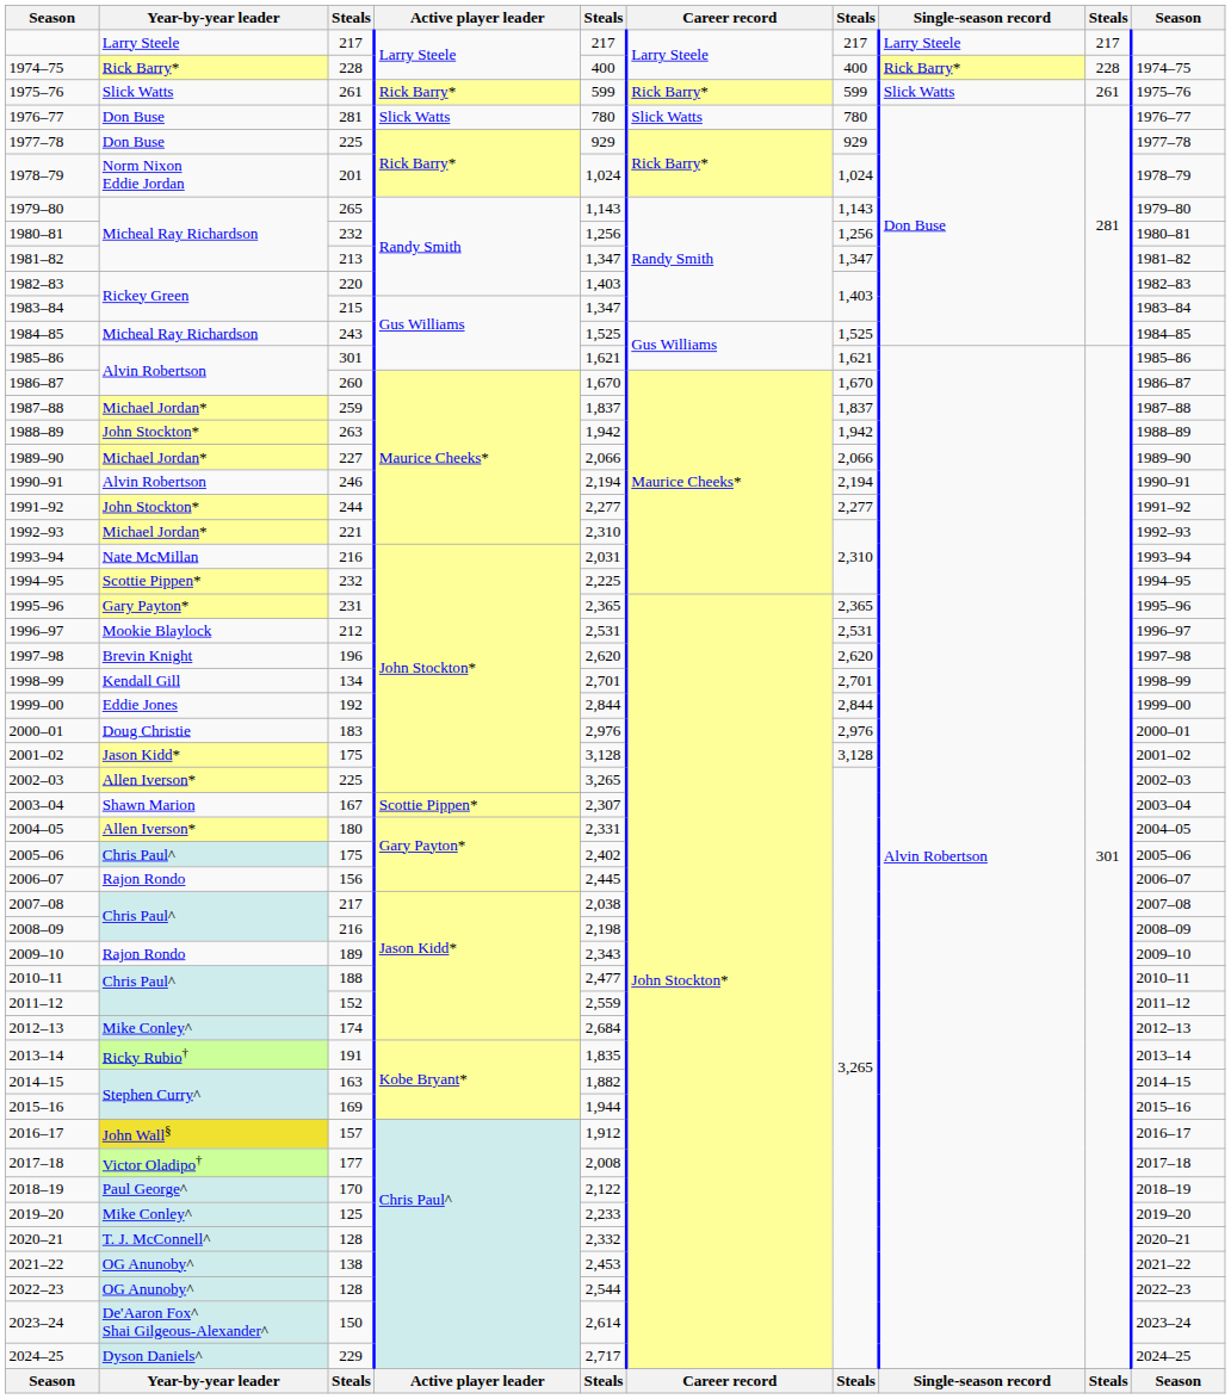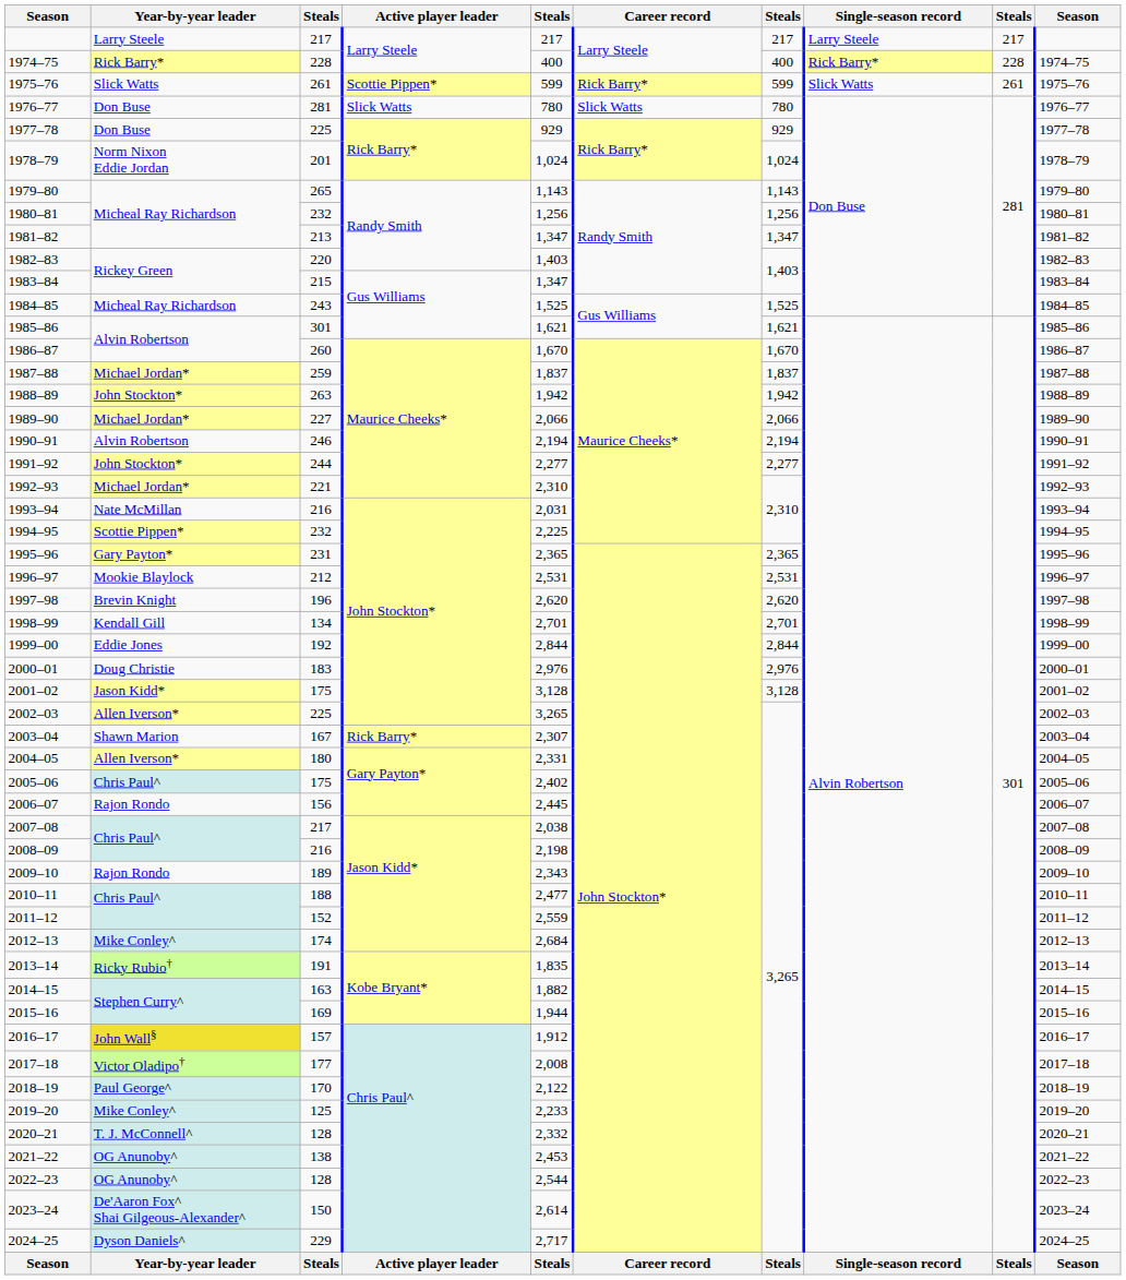 <table class="wikitable" style="font-size: 100%;">
 <tr>
 <th width=8%>Season</th>
 <th width=20%>Year-by-year leader</th>
 <th>Steals</th>
 <th width=18%>Active player leader</th>
 <th>Steals</th>
 <th width=18%>Career record</th>
 <th>Steals</th>
 <th width=18%>Single-season record</th>
 <th>Steals</th>
 <th width=8%>Season</th>
 </tr>
 <tr>
 <td></td>
 <td><a href='#'>Larry Steele</a></td>
 <td align=center style="border-right: solid blue">217</td>
 <td rowspan=2><a href='#'>Larry Steele</a></td>
 <td align=center style="border-right: solid blue">217</td>
 <td rowspan=2><a href='#'>Larry Steele</a></td>
 <td align=center style="border-right: solid blue">217</td>
 <td><a href='#'>Larry Steele</a></td>
 <td align=center style="border-right: solid blue">217</td>
 <td></td>
 </tr>
 <tr>
 <td>1974–75</td>
 <td bgcolor="#FFFF99"><a href='#'>Rick Barry</a>*</td>
 <td align=center style="border-right: solid blue">228</td>
 <td align=center style="border-right: solid blue">400</td>
 <td align=center style="border-right: solid blue">400</td>
 <td bgcolor="#FFFF99"><a href='#'>Rick Barry</a>*</td>
 <td align=center style="border-right: solid blue">228</td>
 <td>1974–75</td>
 </tr>
 <tr>
 <td>1975–76</td>
 <td><a href='#'>Slick Watts</a></td>
 <td align=center style="border-right: solid blue">261</td>
-<td bgcolor="#FFFF99"><a href='#'>Rick Barry</a>*</td>
+<td bgcolor="#FFFF99"><a href='#'>Scottie Pippen</a>*</td>
 <td align=center style="border-right: solid blue">599</td>
 <td bgcolor="#FFFF99"><a href='#'>Rick Barry</a>*</td>
 <td align=center style="border-right: solid blue">599</td>
 <td><a href='#'>Slick Watts</a></td>
 <td align=center style="border-right: solid blue">261</td>
 <td>1975–76</td>
 </tr>
 <tr>
 <td>1976–77</td>
 <td><a href='#'>Don Buse</a></td>
 <td align=center style="border-right: solid blue">281</td>
 <td><a href='#'>Slick Watts</a></td>
 <td align=center style="border-right: solid blue">780</td>
 <td><a href='#'>Slick Watts</a></td>
 <td align=center style="border-right: solid blue">780</td>
 <td rowspan=9><a href='#'>Don Buse</a></td>
 <td align=center style="border-right: solid blue" rowspan=9>281</td>
 <td>1976–77</td>
 </tr>
 <tr>
 <td>1977–78</td>
 <td><a href='#'>Don Buse</a></td>
 <td align=center style="border-right: solid blue">225</td>
 <td bgcolor="#FFFF99" rowspan=2><a href='#'>Rick Barry</a>*</td>
 <td align=center style="border-right: solid blue">929</td>
 <td bgcolor="#FFFF99" rowspan=2><a href='#'>Rick Barry</a>*</td>
 <td align=center style="border-right: solid blue">929</td>
 <td>1977–78</td>
 </tr>
 <tr>
 <td>1978–79</td>
 <td><a href='#'>Norm Nixon</a><br><a href='#'>Eddie Jordan</a></td>
 <td align=center style="border-right: solid blue">201</td>
 <td align=center style="border-right: solid blue">1,024</td>
 <td align=center style="border-right: solid blue">1,024</td>
 <td>1978–79</td>
 </tr>
 <tr>
 <td>1979–80</td>
 <td rowspan=3><a href='#'>Micheal Ray Richardson</a></td>
 <td align=center style="border-right: solid blue">265</td>
 <td rowspan=4><a href='#'>Randy Smith</a><br></td>
 <td align=center style="border-right: solid blue">1,143</td>
 <td rowspan=5><a href='#'>Randy Smith</a><br></td>
 <td align=center style="border-right: solid blue">1,143</td>
 <td>1979–80</td>
 </tr>
 <tr>
 <td>1980–81</td>
 <td align=center style="border-right: solid blue">232</td>
 <td align=center style="border-right: solid blue">1,256</td>
 <td align=center style="border-right: solid blue">1,256</td>
 <td>1980–81</td>
 </tr>
 <tr>
 <td>1981–82</td>
 <td align=center style="border-right: solid blue">213</td>
 <td align=center style="border-right: solid blue">1,347</td>
 <td align=center style="border-right: solid blue">1,347</td>
 <td>1981–82</td>
 </tr>
 <tr>
 <td>1982–83</td>
 <td rowspan=2><a href='#'>Rickey Green</a></td>
 <td align=center style="border-right: solid blue">220</td>
 <td align=center style="border-right: solid blue">1,403</td>
 <td align=center style="border-right: solid blue" rowspan=2>1,403</td>
 <td>1982–83</td>
 </tr>
 <tr>
 <td>1983–84</td>
 <td align=center style="border-right: solid blue">215</td>
 <td rowspan=3><a href='#'>Gus Williams</a><br><br></td>
 <td align=center style="border-right: solid blue">1,347</td>
 <td>1983–84</td>
 </tr>
 <tr>
 <td>1984–85</td>
 <td><a href='#'>Micheal Ray Richardson</a></td>
 <td align=center style="border-right: solid blue">243</td>
 <td align=center style="border-right: solid blue">1,525</td>
 <td rowspan=2><a href='#'>Gus Williams</a></td>
 <td align=center style="border-right: solid blue">1,525</td>
 <td>1984–85</td>
 </tr>
 <tr>
 <td>1985–86</td>
 <td rowspan=2><a href='#'>Alvin Robertson</a></td>
 <td align=center style="border-right: solid blue">301</td>
 <td align=center style="border-right: solid blue">1,621</td>
 <td align=center style="border-right: solid blue">1,621</td>
 <td rowspan=40><a href='#'>Alvin Robertson</a></td>
 <td align=center style="border-right: solid blue" rowspan=40>301</td>
 <td>1985–86</td>
 </tr>
 <tr>
 <td>1986–87</td>
 <td align=center style="border-right: solid blue">260</td>
 <td rowspan=7 bgcolor="#FFFF99"><a href='#'>Maurice Cheeks</a>*<br></td>
 <td align=center style="border-right: solid blue">1,670</td>
 <td rowspan=9 bgcolor="#FFFF99"><a href='#'>Maurice Cheeks</a>*<br></td>
 <td align=center style="border-right: solid blue">1,670</td>
 <td>1986–87</td>
 </tr>
 <tr>
 <td>1987–88</td>
 <td bgcolor="#FFFF99"><a href='#'>Michael Jordan</a>*</td>
 <td align=center style="border-right: solid blue">259</td>
 <td align=center style="border-right: solid blue">1,837</td>
 <td align=center style="border-right: solid blue">1,837</td>
 <td>1987–88</td>
 </tr>
 <tr>
 <td>1988–89</td>
 <td bgcolor="#FFFF99"><a href='#'>John Stockton</a>*</td>
 <td align=center style="border-right: solid blue">263</td>
 <td align=center style="border-right: solid blue">1,942</td>
 <td align=center style="border-right: solid blue">1,942</td>
 <td>1988–89</td>
 </tr>
 <tr>
 <td>1989–90</td>
 <td bgcolor="#FFFF99"><a href='#'>Michael Jordan</a>*</td>
 <td align=center style="border-right: solid blue">227</td>
 <td align=center style="border-right: solid blue">2,066</td>
 <td align=center style="border-right: solid blue">2,066</td>
 <td>1989–90</td>
 </tr>
 <tr>
 <td>1990–91</td>
 <td><a href='#'>Alvin Robertson</a></td>
 <td align=center style="border-right: solid blue">246</td>
 <td align=center style="border-right: solid blue">2,194</td>
 <td align=center style="border-right: solid blue">2,194</td>
 <td>1990–91</td>
 </tr>
 <tr>
 <td>1991–92</td>
 <td bgcolor="#FFFF99"><a href='#'>John Stockton</a>*</td>
 <td align=center style="border-right: solid blue">244</td>
 <td align=center style="border-right: solid blue">2,277</td>
 <td align=center style="border-right: solid blue">2,277</td>
 <td>1991–92</td>
 </tr>
 <tr>
 <td>1992–93</td>
 <td bgcolor="#FFFF99"><a href='#'>Michael Jordan</a>*</td>
 <td align=center style="border-right: solid blue">221</td>
 <td align=center style="border-right: solid blue">2,310</td>
 <td align=center style="border-right: solid blue" rowspan=3>2,310</td>
 <td>1992–93</td>
 </tr>
 <tr>
 <td>1993–94</td>
 <td><a href='#'>Nate McMillan</a></td>
 <td align=center style="border-right: solid blue">216</td>
 <td rowspan=10 bgcolor="#FFFF99"><a href='#'>John Stockton</a>*</td>
 <td align=center style="border-right: solid blue">2,031</td>
 <td>1993–94</td>
 </tr>
 <tr>
 <td>1994–95</td>
 <td bgcolor="#FFFF99"><a href='#'>Scottie Pippen</a>*</td>
 <td align=center style="border-right: solid blue">232</td>
 <td align=center style="border-right: solid blue">2,225</td>
 <td>1994–95</td>
 </tr>
 <tr>
 <td>1995–96</td>
 <td bgcolor="#FFFF99"><a href='#'>Gary Payton</a>*</td>
 <td align=center style="border-right: solid blue">231</td>
 <td align=center style="border-right: solid blue">2,365</td>
 <td rowspan=30 bgcolor="#FFFF99"><a href='#'>John Stockton</a>*</td>
 <td align=center style="border-right: solid blue">2,365</td>
 <td>1995–96</td>
 </tr>
 <tr>
 <td>1996–97</td>
 <td><a href='#'>Mookie Blaylock</a></td>
 <td align=center style="border-right: solid blue">212</td>
 <td align=center style="border-right: solid blue">2,531</td>
 <td align=center style="border-right: solid blue">2,531</td>
 <td>1996–97</td>
 </tr>
 <tr>
 <td>1997–98</td>
 <td><a href='#'>Brevin Knight</a></td>
 <td align=center style="border-right: solid blue">196</td>
 <td align=center style="border-right: solid blue">2,620</td>
 <td align=center style="border-right: solid blue">2,620</td>
 <td>1997–98</td>
 </tr>
 <tr>
 <td>1998–99</td>
 <td><a href='#'>Kendall Gill</a></td>
 <td align=center style="border-right: solid blue">134</td>
 <td align=center style="border-right: solid blue">2,701</td>
 <td align=center style="border-right: solid blue">2,701</td>
 <td>1998–99</td>
 </tr>
 <tr>
 <td>1999–00</td>
 <td><a href='#'>Eddie Jones</a></td>
 <td align=center style="border-right: solid blue">192</td>
 <td align=center style="border-right: solid blue">2,844</td>
 <td align=center style="border-right: solid blue">2,844</td>
 <td>1999–00</td>
 </tr>
 <tr>
 <td>2000–01</td>
 <td><a href='#'>Doug Christie</a></td>
 <td align=center style="border-right: solid blue">183</td>
 <td align=center style="border-right: solid blue">2,976</td>
 <td align=center style="border-right: solid blue">2,976</td>
 <td>2000–01</td>
 </tr>
 <tr>
 <td>2001–02</td>
 <td bgcolor="#FFFF99"><a href='#'>Jason Kidd</a>*</td>
 <td align=center style="border-right: solid blue">175</td>
 <td align=center style="border-right: solid blue">3,128</td>
 <td align=center style="border-right: solid blue">3,128</td>
 <td>2001–02</td>
 </tr>
 <tr>
 <td>2002–03</td>
 <td bgcolor="#FFFF99"><a href='#'>Allen Iverson</a>*</td>
 <td align=center style="border-right: solid blue">225</td>
 <td align=center style="border-right: solid blue">3,265</td>
 <td rowspan=23 align=center style="border-right: solid blue">3,265</td>
 <td>2002–03</td>
 </tr>
 <tr>
 <td>2003–04</td>
 <td><a href='#'>Shawn Marion</a></td>
 <td align=center style="border-right: solid blue">167</td>
-<td bgcolor="#FFFF99"><a href='#'>Scottie Pippen</a>*</td>
+<td bgcolor="#FFFF99"><a href='#'>Rick Barry</a>*</td>
 <td align=center style="border-right: solid blue">2,307</td>
 <td>2003–04</td>
 </tr>
 <tr>
 <td>2004–05</td>
 <td bgcolor="#FFFF99"><a href='#'>Allen Iverson</a>*</td>
 <td align=center style="border-right: solid blue">180</td>
 <td rowspan=3 bgcolor="#FFFF99"><a href='#'>Gary Payton</a>*<br><br></td>
 <td align=center style="border-right: solid blue">2,331</td>
 <td>2004–05</td>
 </tr>
 <tr>
 <td>2005–06</td>
 <td bgcolor="#CFECEC"><a href='#'>Chris Paul</a>^</td>
 <td align=center style="border-right: solid blue">175</td>
 <td align=center style="border-right: solid blue">2,402</td>
 <td>2005–06</td>
 </tr>
 <tr>
 <td>2006–07</td>
 <td><a href='#'>Rajon Rondo</a></td>
 <td align=center style="border-right: solid blue">156</td>
 <td align=center style="border-right: solid blue">2,445</td>
 <td>2006–07</td>
 </tr>
 <tr>
 <td>2007–08</td>
 <td rowspan=2 bgcolor="#CFECEC"><a href='#'>Chris Paul</a>^</td>
 <td align=center style="border-right: solid blue">217</td>
 <td rowspan=6 bgcolor="#FFFF99"><a href='#'>Jason Kidd</a>*<br><br><br></td>
 <td align=center style="border-right: solid blue">2,038</td>
 <td>2007–08</td>
 </tr>
 <tr>
 <td>2008–09</td>
 <td align=center style="border-right: solid blue">216</td>
 <td align=center style="border-right: solid blue">2,198</td>
 <td>2008–09</td>
 </tr>
 <tr>
 <td>2009–10</td>
 <td><a href='#'>Rajon Rondo</a></td>
 <td align=center style="border-right: solid blue">189</td>
 <td align=center style="border-right: solid blue">2,343</td>
 <td>2009–10</td>
 </tr>
 <tr>
 <td>2010–11</td>
 <td rowspan=2 bgcolor="#CFECEC"><a href='#'>Chris Paul</a>^<br><br></td>
 <td align=center style="border-right: solid blue">188</td>
 <td align=center style="border-right: solid blue">2,477</td>
 <td>2010–11</td>
 </tr>
 <tr>
 <td>2011–12</td>
 <td align=center style="border-right: solid blue">152</td>
 <td align=center style="border-right: solid blue">2,559</td>
 <td>2011–12</td>
 </tr>
 <tr>
 <td>2012–13</td>
 <td bgcolor="#CFECEC"><a href='#'>Mike Conley</a>^</td>
 <td align=center style="border-right: solid blue">174</td>
 <td align=center style="border-right: solid blue">2,684</td>
 <td>2012–13</td>
 </tr>
 <tr>
 <td>2013–14</td>
 <td bgcolor="#CCFF99"><a href='#'>Ricky Rubio</a><sup>†</sup></td>
 <td align=center style="border-right: solid blue">191</td>
 <td rowspan=3 bgcolor="#FFFF99"><a href='#'>Kobe Bryant</a>*</td>
 <td align=center style="border-right: solid blue">1,835</td>
 <td>2013–14</td>
 </tr>
 <tr>
 <td>2014–15</td>
 <td rowspan=2 bgcolor="#CFECEC"><a href='#'>Stephen Curry</a>^</td>
 <td align=center style="border-right: solid blue">163</td>
 <td align=center style="border-right: solid blue">1,882</td>
 <td>2014–15</td>
 </tr>
 <tr>
 <td>2015–16</td>
 <td align=center style="border-right: solid blue">169</td>
 <td align=center style="border-right: solid blue">1,944</td>
 <td>2015–16</td>
 </tr>
 <tr>
 <td>2016–17</td>
 <td bgcolor="#F0E130"><a href='#'>John Wall</a><sup>§</sup></td>
 <td align=center style="border-right: solid blue">157</td>
 <td bgcolor="#CFECEC" rowspan=9><a href='#'>Chris Paul</a>^<br><br><br><br><br><br></td>
 <td align=center style="border-right: solid blue">1,912</td>
 <td>2016–17</td>
 </tr>
 <tr>
 <td>2017–18</td>
 <td bgcolor="#CCFF99"><a href='#'>Victor Oladipo</a><sup>†</sup></td>
 <td align=center style="border-right: solid blue">177</td>
 <td align=center style="border-right: solid blue">2,008</td>
 <td>2017–18</td>
 </tr>
 <tr>
 <td>2018–19</td>
 <td bgcolor="#CFECEC"><a href='#'>Paul George</a>^</td>
 <td align=center style="border-right: solid blue">170</td>
 <td align=center style="border-right: solid blue">2,122</td>
 <td>2018–19</td>
 </tr>
 <tr>
 <td>2019–20</td>
 <td bgcolor="#CFECEC"><a href='#'>Mike Conley</a>^</td>
 <td align=center style="border-right: solid blue">125</td>
 <td align=center style="border-right: solid blue">2,233</td>
 <td>2019–20</td>
 </tr>
 <tr>
 <td>2020–21</td>
 <td bgcolor="#CFECEC"><a href='#'>T. J. McConnell</a>^</td>
 <td align=center style="border-right: solid blue">128</td>
 <td align=center style="border-right: solid blue">2,332</td>
 <td>2020–21</td>
 </tr>
 <tr>
 <td>2021–22</td>
 <td bgcolor="#CFECEC"><a href='#'>OG Anunoby</a>^</td>
 <td align=center style="border-right: solid blue">138</td>
 <td align=center style="border-right: solid blue">2,453</td>
 <td>2021–22</td>
 </tr>
 <tr>
 <td>2022–23</td>
 <td bgcolor="#CFECEC"><a href='#'>OG Anunoby</a>^</td>
 <td align=center style="border-right: solid blue">128</td>
 <td align=center style="border-right: solid blue">2,544</td>
 <td>2022–23</td>
 </tr>
 <tr>
 <td>2023–24</td>
 <td bgcolor="#CFECEC"><a href='#'>De'Aaron Fox</a>^<br><a href='#'>Shai Gilgeous-Alexander</a>^</td>
 <td align=center style="border-right: solid blue">150</td>
 <td align=center style="border-right: solid blue">2,614</td>
 <td>2023–24</td>
 </tr>
 <tr>
 <td>2024–25</td>
 <td bgcolor="#CFECEC"><a href='#'>Dyson Daniels</a>^</td>
 <td align=center style="border-right: solid blue">229</td>
 <td align=center style="border-right: solid blue">2,717</td>
 <td>2024–25</td>
 </tr>
 <tr>
 <th>Season</th>
 <th>Year-by-year leader</th>
 <th>Steals</th>
 <th>Active player leader</th>
 <th>Steals</th>
 <th>Career record</th>
 <th>Steals</th>
 <th>Single-season record</th>
 <th>Steals</th>
 <th>Season</th>
 </tr>
 </table>
